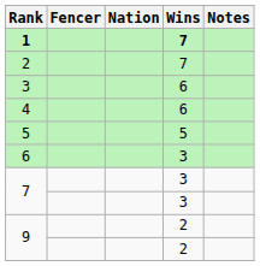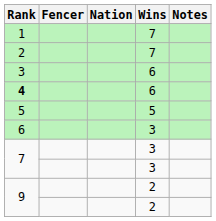 <table class="wikitable sortable" style="text-align:center">
 <tr>
 <th>Rank</th>
 <th>Fencer</th>
 <th>Nation</th>
 <th>Wins</th>
 <th>Notes</th>
 </tr>
 <tr style="background:#bbf3bb;">
-<td><strong>1</strong></td>
+<td>1</td>
 <td align=left></td>
 <td align=left></td>
-<td><strong>7</strong></td>
+<td>7</td>
 <td></td>
 </tr>
 <tr style="background:#bbf3bb;">
 <td>2</td>
 <td align=left></td>
 <td align=left></td>
 <td>7</td>
 <td></td>
 </tr>
 <tr style="background:#bbf3bb;">
 <td>3</td>
 <td align=left></td>
 <td align=left></td>
 <td>6</td>
 <td></td>
 </tr>
 <tr style="background:#bbf3bb;">
-<td>4</td>
+<td><strong>4</strong></td>
 <td align=left></td>
 <td align=left></td>
 <td>6</td>
 <td></td>
 </tr>
 <tr style="background:#bbf3bb;">
 <td>5</td>
 <td align=left></td>
 <td align=left></td>
 <td>5</td>
 <td></td>
 </tr>
 <tr style="background:#bbf3bb;">
 <td>6</td>
 <td align=left></td>
 <td align=left></td>
 <td>3</td>
 <td></td>
 </tr>
 <tr>
 <td rowspan=2>7</td>
 <td align=left></td>
 <td align=left></td>
 <td>3</td>
 <td></td>
 </tr>
 <tr>
 <td align=left></td>
 <td align=left></td>
 <td>3</td>
 <td></td>
 </tr>
 <tr>
 <td rowspan=2>9</td>
 <td align=left></td>
 <td align=left></td>
 <td>2</td>
 <td></td>
 </tr>
 <tr>
 <td align=left></td>
 <td align=left></td>
 <td>2</td>
 <td></td>
 </tr>
 </table>
